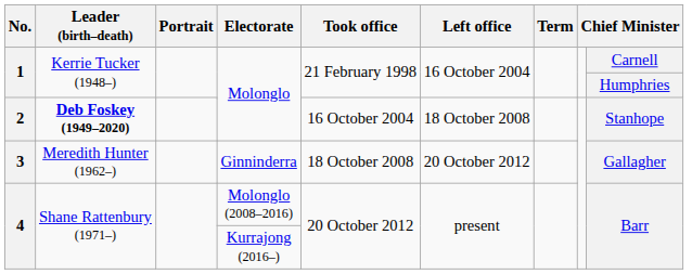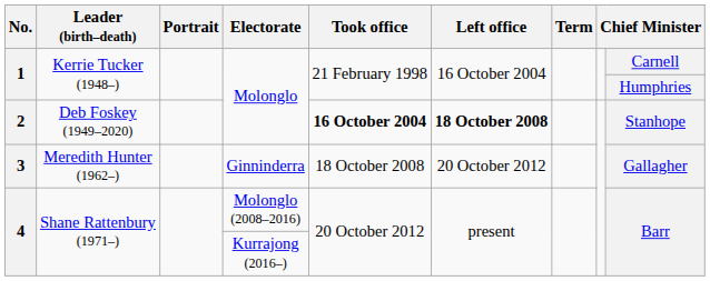 <table class="wikitable" style="text-align:center">
 <tr>
 <th>No.</th>
 <th>Leader<br><small>(birth–death)</small></th>
 <th>Portrait</th>
 <th>Electorate</th>
 <th>Took office</th>
 <th>Left office</th>
 <th>Term</th>
 <th colspan="2">Chief Minister </th>
 </tr>
 <tr>
 <th rowspan="3">1</th>
 <td rowspan="3"><a href='#'>Kerrie Tucker</a><br><small>(1948–)</small></td>
 <td rowspan="3"></td>
 <td rowspan="4"><a href='#'>Molonglo</a></td>
 <td rowspan="3">21 February 1998</td>
 <td rowspan="3">16 October 2004</td>
 <td rowspan="3"></td>
 <td rowspan="2" style="background-color: "></td>
 <th style="font-weight:normal"><a href='#'>Carnell</a> <small></small></th>
 </tr>
 <tr>
 <th style="font-weight:normal"><a href='#'>Humphries</a> <small></small></th>
 </tr>
 <tr>
 <td rowspan=7 style="background-color: "></td>
 <th rowspan=3 style="font-weight:normal"><a href='#'>Stanhope</a> <small></small></th>
 </tr>
 <tr>
 <th>2</th>
-<td><strong><a href='#'>Deb Foskey</a><br><small>(1949–2020)</small></strong></td>
+<td><a href='#'>Deb Foskey</a><br><small>(1949–2020)</small></td>
 <td></td>
-<td>16 October 2004</td>
-<td>18 October 2008</td>
+<td><strong>16 October 2004</strong></td>
+<td><strong>18 October 2008</strong></td>
 <td></td>
 </tr>
 <tr>
 <th rowspan="2">3</th>
 <td rowspan="2"><a href='#'>Meredith Hunter</a><br><small>(1962–)</small></td>
 <td rowspan="2"></td>
 <td rowspan="2"><a href='#'>Ginninderra</a></td>
 <td rowspan="2">18 October 2008</td>
 <td rowspan="2">20 October 2012</td>
 <td rowspan="2"></td>
 </tr>
 <tr>
 <th rowspan="2" style="font-weight:normal"><a href='#'>Gallagher</a> <small></small></th>
 </tr>
 <tr>
 <th rowspan="3">4</th>
 <td rowspan="3"><a href='#'>Shane Rattenbury</a><br><small>(1971–)</small></td>
 <td rowspan="3"></td>
 <td rowspan="2"><a href='#'>Molonglo</a><br><small>(2008–2016)</small></td>
 <td rowspan="3">20 October 2012</td>
 <td rowspan="3">present</td>
 <td rowspan="3"></td>
 </tr>
 <tr>
 <th rowspan="2" style="font-weight:normal"><a href='#'>Barr</a> <small></small></th>
 </tr>
 <tr>
 <td><a href='#'>Kurrajong</a><br><small>(2016–)</small></td>
 </tr>
 </table>
